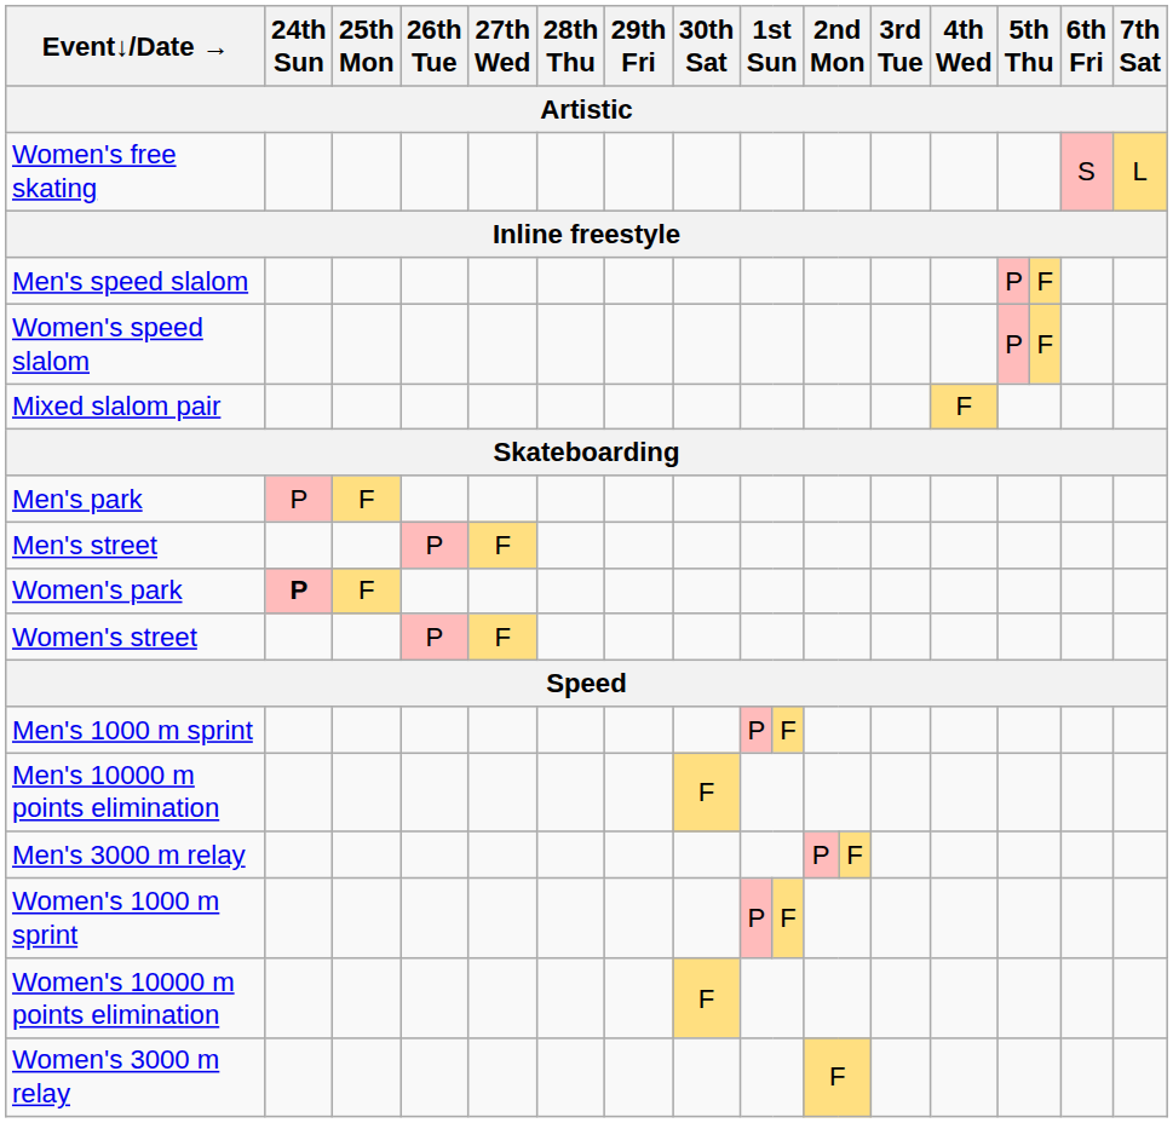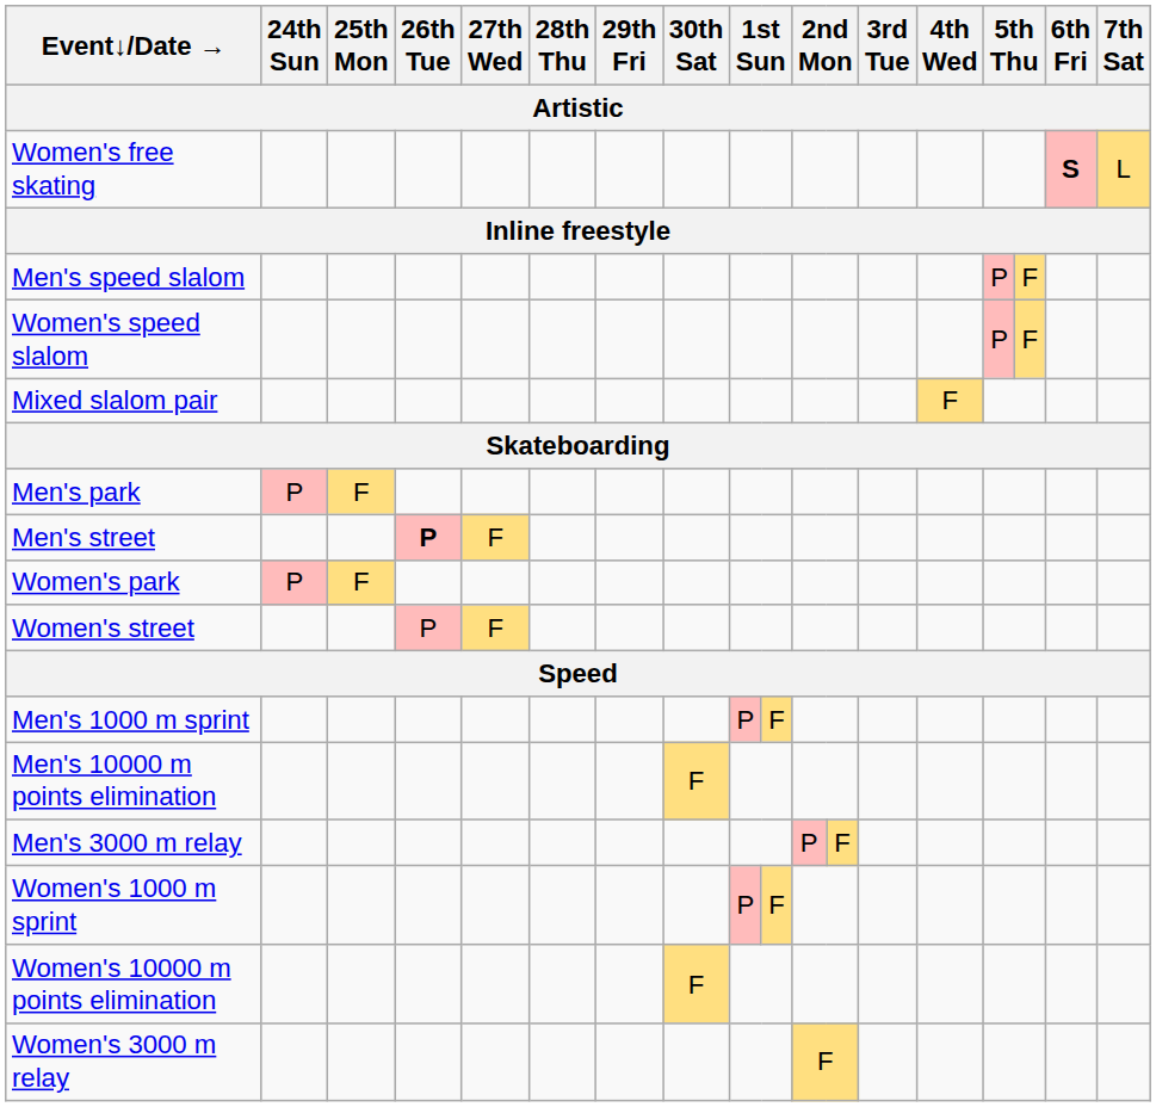 <table class="wikitable" style="margin:0.5em auto; font-size:90%; line-height:1.25em; text-align:center;">
 <tr>
 <th>Event↓/Date →</th>
 <th>24th<br>Sun</th>
 <th>25th<br>Mon</th>
 <th>26th<br>Tue</th>
 <th>27th<br>Wed</th>
 <th>28th<br>Thu</th>
 <th>29th<br>Fri</th>
 <th>30th<br>Sat</th>
 <th colspan=2>1st<br>Sun</th>
 <th colspan=2>2nd<br>Mon</th>
 <th>3rd<br>Tue</th>
 <th>4th<br>Wed</th>
 <th colspan=2>5th<br>Thu</th>
 <th>6th<br>Fri</th>
 <th>7th<br>Sat</th>
 </tr>
 <tr>
 <th colspan=18>Artistic</th>
 </tr>
 <tr>
 <td align="left"><a href='#'>Women's free skating</a></td>
 <td></td>
 <td></td>
 <td></td>
 <td></td>
 <td></td>
 <td></td>
 <td></td>
 <td colspan=2></td>
 <td colspan=2></td>
 <td></td>
 <td></td>
 <td colspan=2></td>
-<td bgcolor="#FFBBBB">S</td>
+<td bgcolor="#FFBBBB"><strong>S</strong></td>
 <td bgcolor="#FFDF80">L</td>
 </tr>
 <tr>
 <th colspan=18>Inline freestyle</th>
 </tr>
 <tr>
 <td align="left"><a href='#'>Men's speed slalom</a></td>
 <td></td>
 <td></td>
 <td></td>
 <td></td>
 <td></td>
 <td></td>
 <td></td>
 <td colspan=2></td>
 <td colspan=2></td>
 <td></td>
 <td></td>
 <td bgcolor="#FFBBBB">P</td>
 <td bgcolor="#FFDF80">F</td>
 <td></td>
 <td></td>
 </tr>
 <tr>
 <td align="left"><a href='#'>Women's speed slalom</a></td>
 <td></td>
 <td></td>
 <td></td>
 <td></td>
 <td></td>
 <td></td>
 <td></td>
 <td colspan=2></td>
 <td colspan=2></td>
 <td></td>
 <td></td>
 <td bgcolor="#FFBBBB">P</td>
 <td bgcolor="#FFDF80">F</td>
 <td></td>
 <td></td>
 </tr>
 <tr>
 <td align="left"><a href='#'>Mixed slalom pair</a></td>
 <td></td>
 <td></td>
 <td></td>
 <td></td>
 <td></td>
 <td></td>
 <td></td>
 <td colspan=2></td>
 <td colspan=2></td>
 <td></td>
 <td bgcolor="#FFDF80">F</td>
 <td colspan=2></td>
 <td></td>
 <td></td>
 </tr>
 <tr>
 <th colspan=18>Skateboarding</th>
 </tr>
 <tr>
 <td align="left"><a href='#'>Men's park</a></td>
 <td bgcolor="#FFBBBB">P</td>
 <td bgcolor="#FFDF80">F</td>
 <td></td>
 <td></td>
 <td></td>
 <td></td>
 <td></td>
 <td colspan=2></td>
 <td colspan=2></td>
 <td></td>
 <td></td>
 <td colspan=2></td>
 <td></td>
 <td></td>
 </tr>
 <tr>
 <td align="left"><a href='#'>Men's street</a></td>
 <td></td>
 <td></td>
-<td bgcolor="#FFBBBB">P</td>
+<td bgcolor="#FFBBBB"><strong>P</strong></td>
 <td bgcolor="#FFDF80">F</td>
 <td></td>
 <td></td>
 <td></td>
 <td colspan=2></td>
 <td colspan=2></td>
 <td></td>
 <td></td>
 <td colspan=2></td>
 <td></td>
 <td></td>
 </tr>
 <tr>
 <td align="left"><a href='#'>Women's park</a></td>
-<td bgcolor="#FFBBBB"><strong>P</strong></td>
+<td bgcolor="#FFBBBB">P</td>
 <td bgcolor="#FFDF80">F</td>
 <td></td>
 <td></td>
 <td></td>
 <td></td>
 <td></td>
 <td colspan=2></td>
 <td colspan=2></td>
 <td></td>
 <td></td>
 <td colspan=2></td>
 <td></td>
 <td></td>
 </tr>
 <tr>
 <td align="left"><a href='#'>Women's street</a></td>
 <td></td>
 <td></td>
 <td bgcolor="#FFBBBB">P</td>
 <td bgcolor="#FFDF80">F</td>
 <td></td>
 <td></td>
 <td></td>
 <td colspan=2></td>
 <td colspan=2></td>
 <td></td>
 <td></td>
 <td colspan=2></td>
 <td></td>
 <td></td>
 </tr>
 <tr>
 <th colspan=18>Speed</th>
 </tr>
 <tr>
 <td align="left"><a href='#'>Men's 1000 m sprint</a></td>
 <td></td>
 <td></td>
 <td></td>
 <td></td>
 <td></td>
 <td></td>
 <td></td>
 <td bgcolor="#FFBBBB">P</td>
 <td bgcolor="#FFDF80">F</td>
 <td colspan=2></td>
 <td></td>
 <td></td>
 <td colspan=2></td>
 <td></td>
 <td></td>
 </tr>
 <tr>
 <td align="left"><a href='#'>Men's 10000 m points elimination</a></td>
 <td></td>
 <td></td>
 <td></td>
 <td></td>
 <td></td>
 <td></td>
 <td bgcolor="#FFDF80">F</td>
 <td colspan=2></td>
 <td colspan=2></td>
 <td></td>
 <td></td>
 <td colspan=2></td>
 <td></td>
 <td></td>
 </tr>
 <tr>
 <td align="left"><a href='#'>Men's 3000 m relay</a></td>
 <td></td>
 <td></td>
 <td></td>
 <td></td>
 <td></td>
 <td></td>
 <td></td>
 <td colspan=2></td>
 <td bgcolor="#FFBBBB">P</td>
 <td bgcolor="#FFDF80">F</td>
 <td></td>
 <td></td>
 <td colspan=2></td>
 <td></td>
 <td></td>
 </tr>
 <tr>
 <td align="left"><a href='#'>Women's 1000 m sprint</a></td>
 <td></td>
 <td></td>
 <td></td>
 <td></td>
 <td></td>
 <td></td>
 <td></td>
 <td bgcolor="#FFBBBB">P</td>
 <td bgcolor="#FFDF80">F</td>
 <td colspan=2></td>
 <td></td>
 <td></td>
 <td colspan=2></td>
 <td></td>
 <td></td>
 </tr>
 <tr>
 <td align="left"><a href='#'>Women's 10000 m points elimination</a></td>
 <td></td>
 <td></td>
 <td></td>
 <td></td>
 <td></td>
 <td></td>
 <td bgcolor="#FFDF80">F</td>
 <td colspan=2></td>
 <td colspan=2></td>
 <td></td>
 <td></td>
 <td colspan=2></td>
 <td></td>
 <td></td>
 </tr>
 <tr>
 <td align="left"><a href='#'>Women's 3000 m relay</a></td>
 <td></td>
 <td></td>
 <td></td>
 <td></td>
 <td></td>
 <td></td>
 <td></td>
 <td colspan=2></td>
 <td colspan=2 bgcolor="#FFDF80">F</td>
 <td></td>
 <td></td>
 <td colspan=2></td>
 <td></td>
 <td></td>
 </tr>
 </table>
